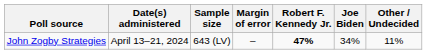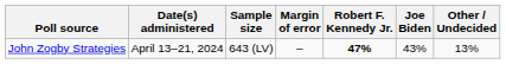 <table class="wikitable sortable mw-datatable" style="font-size:90%;text-align:center;line-height:17px">
 <tr valign=bottom>
 <th>Poll source</th>
 <th>Date(s)<br>administered</th>
 <th>Sample<br>size</th>
 <th>Margin<br>of error</th>
 <th class="unsortable">Robert F.<br>Kennedy Jr.<br></th>
 <th class="unsortable">Joe<br>Biden<br></th>
 <th class="unsortable">Other /<br>Undecided</th>
 </tr>
 <tr>
 <td style="text-align:left;"><a href='#'>John Zogby Strategies</a></td>
 <td data-sort-value="2024-05-01">April 13–21, 2024</td>
 <td>643 (LV)</td>
 <td>–</td>
 <td style="background-color:"><strong>47%</strong></td>
-<td>34%</td>
-<td>11%</td>
+<td>43%</td>
+<td>13%</td>
 </tr>
 </table>
